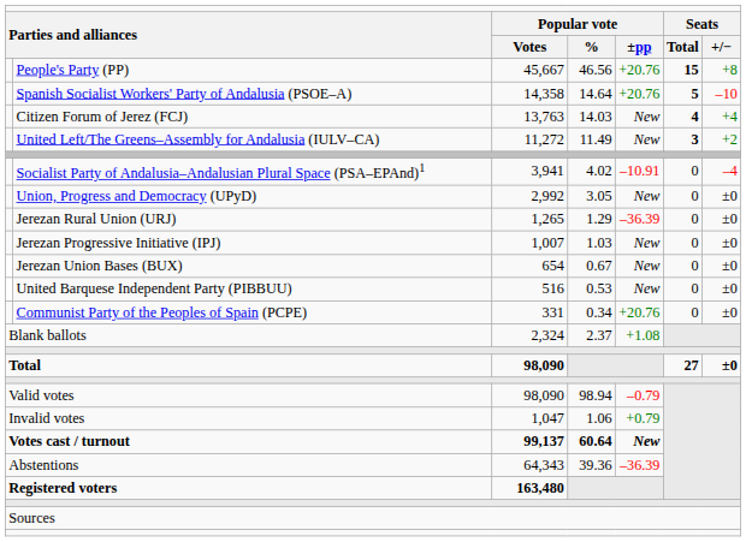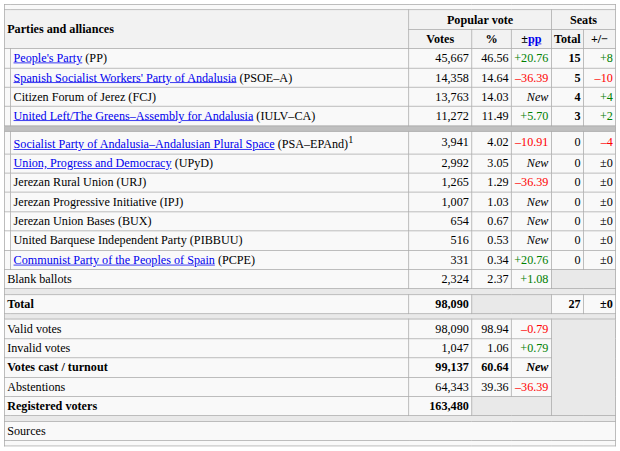 <table class="wikitable" style="text-align:right;">
 <tr>
 <td colspan="7"></td>
 </tr>
 <tr>
 <th style="text-align:left;" rowspan="2" colspan="2" width="525">Parties and alliances</th>
 <th colspan="3">Popular vote</th>
 <th colspan="2">Seats</th>
 </tr>
 <tr>
 <th width="75">Votes</th>
 <th width="45">%</th>
 <th width="45">±<a href='#'>pp</a></th>
 <th width="35">Total</th>
 <th width="35">+/−</th>
 </tr>
 <tr>
 <td width="1" style="color:inherit;background:"></td>
 <td align="left"><a href='#'>People's Party</a> (PP)</td>
 <td>45,667</td>
 <td>46.56</td>
 <td style="color:green;">+20.76</td>
 <td><strong>15</strong></td>
 <td style="color:green;">+8</td>
 </tr>
 <tr>
 <td style="color:inherit;background:"></td>
 <td align="left"><a href='#'>Spanish Socialist Workers' Party of Andalusia</a> (PSOE–A)</td>
 <td>14,358</td>
 <td>14.64</td>
-<td style="color:green;">+20.76</td>
+<td style="color:red;">–36.39</td>
 <td><strong>5</strong></td>
 <td style="color:red;">–10</td>
 </tr>
 <tr>
 <td style="color:inherit;background:"></td>
 <td align="left">Citizen Forum of Jerez (FCJ)</td>
 <td>13,763</td>
 <td>14.03</td>
 <td><em>New</em></td>
 <td><strong>4</strong></td>
 <td style="color:green;">+4</td>
 </tr>
 <tr>
 <td style="color:inherit;background:"></td>
 <td align="left"><a href='#'>United Left/The Greens–Assembly for Andalusia</a> (IULV–CA)</td>
 <td>11,272</td>
 <td>11.49</td>
-<td><em>New</em></td>
+<td style="color:green;">+5.70</td>
 <td><strong>3</strong></td>
 <td style="color:green;">+2</td>
 </tr>
 <tr>
 <td colspan="7" bgcolor="#C0C0C0"></td>
 </tr>
 <tr>
 <td style="color:inherit;background:"></td>
 <td align="left"><a href='#'>Socialist Party of Andalusia–Andalusian Plural Space</a> (PSA–EPAnd)<sup>1</sup></td>
 <td>3,941</td>
 <td>4.02</td>
 <td style="color:red;">–10.91</td>
 <td>0</td>
 <td style="color:red;">–4</td>
 </tr>
 <tr>
 <td style="color:inherit;background:"></td>
 <td align="left"><a href='#'>Union, Progress and Democracy</a> (UPyD)</td>
 <td>2,992</td>
 <td>3.05</td>
 <td><em>New</em></td>
 <td>0</td>
 <td>±0</td>
 </tr>
 <tr>
 <td style="color:inherit;background:"></td>
 <td align="left">Jerezan Rural Union (URJ)</td>
 <td>1,265</td>
 <td>1.29</td>
 <td style="color:red;">–36.39</td>
 <td>0</td>
 <td>±0</td>
 </tr>
 <tr>
 <td style="color:inherit;background:"></td>
 <td align="left">Jerezan Progressive Initiative (IPJ)</td>
 <td>1,007</td>
 <td>1.03</td>
 <td><em>New</em></td>
 <td>0</td>
 <td>±0</td>
 </tr>
 <tr>
 <td bgcolor="white"></td>
 <td align="left">Jerezan Union Bases (BUX)</td>
 <td>654</td>
 <td>0.67</td>
 <td><em>New</em></td>
 <td>0</td>
 <td>±0</td>
 </tr>
 <tr>
 <td bgcolor="white"></td>
 <td align="left">United Barquese Independent Party (PIBBUU)</td>
 <td>516</td>
 <td>0.53</td>
 <td><em>New</em></td>
 <td>0</td>
 <td>±0</td>
 </tr>
 <tr>
 <td style="color:inherit;background:"></td>
 <td align="left"><a href='#'>Communist Party of the Peoples of Spain</a> (PCPE)</td>
 <td>331</td>
 <td>0.34</td>
 <td style="color:green;">+20.76</td>
 <td>0</td>
 <td>±0</td>
 </tr>
 <tr>
 <td align="left" colspan="2">Blank ballots</td>
 <td>2,324</td>
 <td>2.37</td>
 <td style="color:green;">+1.08</td>
 <td bgcolor="#E9E9E9" colspan="2"></td>
 </tr>
 <tr>
 <td colspan="7" bgcolor="#E9E9E9"></td>
 </tr>
 <tr style="font-weight:bold;">
 <td align="left" colspan="2">Total</td>
 <td>98,090</td>
 <td bgcolor="#E9E9E9" colspan="2"></td>
 <td>27</td>
 <td>±0</td>
 </tr>
 <tr>
 <td colspan="7" bgcolor="#E9E9E9"></td>
 </tr>
 <tr>
 <td align="left" colspan="2">Valid votes</td>
 <td>98,090</td>
 <td>98.94</td>
 <td style="color:red;">–0.79</td>
 <td bgcolor="#E9E9E9" colspan="2" rowspan="5"></td>
 </tr>
 <tr>
 <td align="left" colspan="2">Invalid votes</td>
 <td>1,047</td>
 <td>1.06</td>
 <td style="color:green;">+0.79</td>
 </tr>
 <tr style="font-weight:bold;">
 <td align="left" colspan="2">Votes cast / turnout</td>
 <td>99,137</td>
 <td>60.64</td>
 <td><em>New</em></td>
 </tr>
 <tr>
 <td align="left" colspan="2">Abstentions</td>
 <td>64,343</td>
 <td>39.36</td>
 <td style="color:red;">–36.39</td>
 </tr>
 <tr style="font-weight:bold;">
 <td align="left" colspan="2">Registered voters</td>
 <td>163,480</td>
 <td bgcolor="#E9E9E9" colspan="2"></td>
 </tr>
 <tr>
 <td colspan="7" bgcolor="#E9E9E9"></td>
 </tr>
 <tr>
 <td align="left" colspan="7">Sources</td>
 </tr>
 <tr>
 <td colspan="7" style="text-align:left; max-width:790px;"></td>
 </tr>
 </table>
